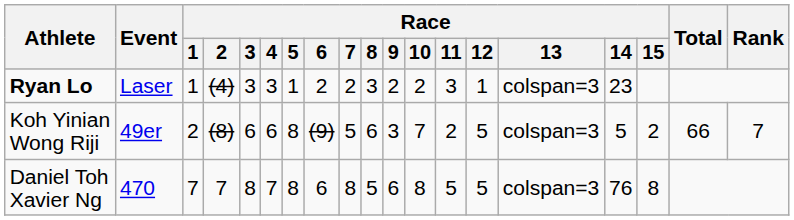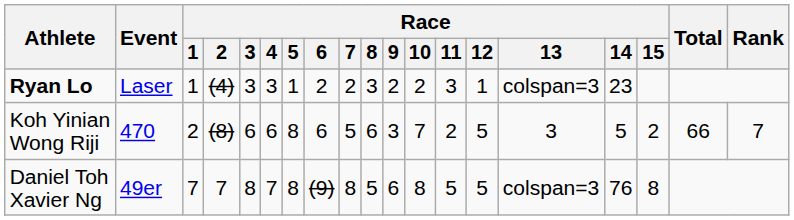 <table class=wikitable style=font-size:90%;text-align:center>
 <tr>
 <th rowspan="2">Athlete</th>
 <th rowspan="2">Event</th>
 <th colspan=15>Race</th>
 <th rowspan=2>Total</th>
 <th rowspan=2>Rank</th>
 </tr>
 <tr style="font-size:95%">
 <th>1</th>
 <th>2</th>
 <th>3</th>
 <th>4</th>
 <th>5</th>
 <th>6</th>
 <th>7</th>
 <th>8</th>
 <th>9</th>
 <th>10</th>
 <th>11</th>
 <th>12</th>
 <th>13</th>
 <th>14</th>
 <th>15</th>
 </tr>
 <tr>
 <td align=left><strong>Ryan Lo</strong></td>
 <td align=left><a href='#'>Laser</a></td>
 <td>1</td>
 <td><s>(4)</s></td>
 <td>3</td>
 <td>3</td>
 <td>1</td>
 <td>2</td>
 <td>2</td>
 <td>3</td>
 <td>2</td>
 <td>2</td>
 <td>3</td>
 <td>1</td>
 <td>colspan=3 </td>
 <td>23</td>
 <td></td>
 </tr>
 <tr>
 <td align=left>Koh Yinian<br>Wong Riji</td>
-<td align=left><a href='#'>49er</a></td>
+<td align=left><a href='#'>470</a></td>
 <td>2</td>
 <td><s>(8)</s></td>
 <td>6</td>
 <td>6</td>
 <td>8</td>
-<td><s>(9)</s></td>
+<td>6</td>
 <td>5</td>
 <td>6</td>
 <td>3</td>
 <td>7</td>
 <td>2</td>
 <td>5</td>
-<td>colspan=3 </td>
+<td>3</td>
 <td>5</td>
 <td>2</td>
 <td>66</td>
 <td>7</td>
 </tr>
 <tr>
 <td align=left>Daniel Toh<br>Xavier Ng</td>
-<td align=left><a href='#'>470</a></td>
+<td align=left><a href='#'>49er</a></td>
 <td>7</td>
 <td>7</td>
 <td>8</td>
 <td>7</td>
 <td>8</td>
-<td>6</td>
+<td><s>(9)</s></td>
 <td>8</td>
 <td>5</td>
 <td>6</td>
 <td>8</td>
 <td>5</td>
 <td>5</td>
 <td>colspan=3 </td>
 <td>76</td>
 <td>8</td>
 </tr>
 </table>
